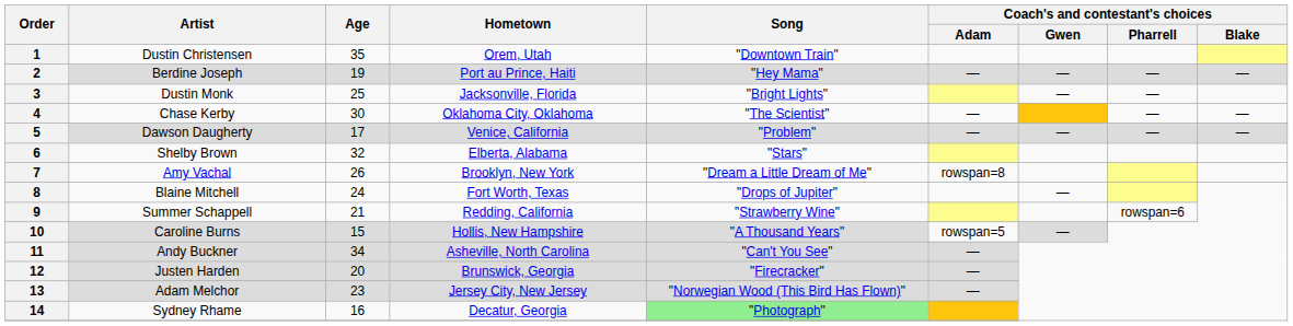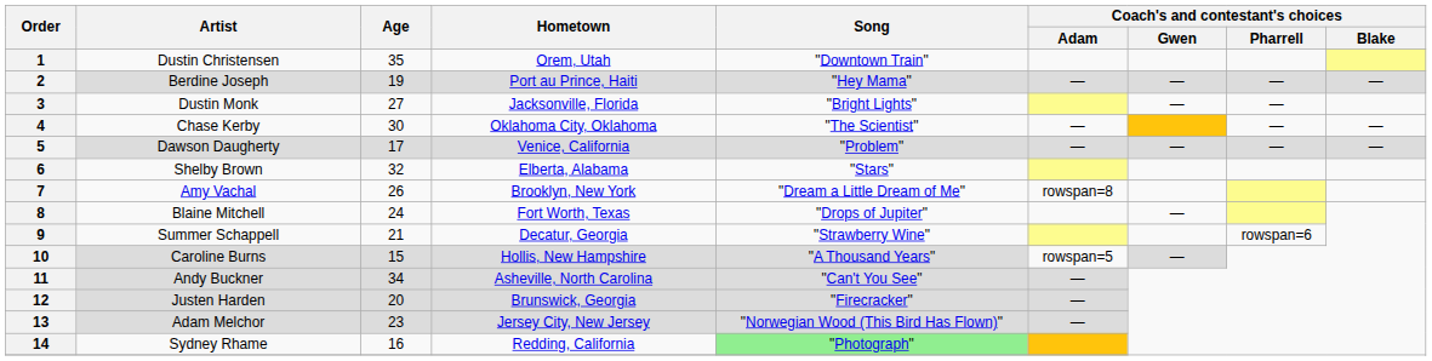 <table class="wikitable" style="text-align:center; line-height:17px; width:100%;">
 <tr>
 <th scope="col" rowspan="2" style="width:05%;">Order</th>
 <th scope="col" rowspan="2" style="width:20%;">Artist</th>
 <th scope="col" rowspan="2" style="width:05%;">Age</th>
 <th scope="col" rowspan="2" style="width:20%;">Hometown</th>
 <th scope="col" rowspan="2" style="width:22%;">Song</th>
 <th scope="col" colspan="4" style="width:28%;">Coach's and contestant's choices</th>
 </tr>
 <tr>
 <th style="width:07%;">Adam</th>
 <th style="width:07%;">Gwen</th>
 <th style="width:07%;">Pharrell</th>
 <th style="width:07%;">Blake</th>
 </tr>
 <tr>
 <th>1</th>
 <td>Dustin Christensen</td>
 <td>35</td>
 <td><a href='#'>Orem, Utah</a></td>
 <td>"<a href='#'>Downtown Train</a>"</td>
 <td><strong></strong></td>
 <td><strong></strong></td>
 <td><strong></strong></td>
 <td style="background:#fdfc8f;"><strong></strong></td>
 </tr>
 <tr>
 <th>2</th>
 <td style="background:#DCDCDC;">Berdine Joseph</td>
 <td style="background:#DCDCDC;">19</td>
 <td style="background:#DCDCDC;"><a href='#'>Port au Prince, Haiti</a></td>
 <td style="background:#DCDCDC;">"<a href='#'>Hey Mama</a>"</td>
 <td style="background:#DCDCDC;">—</td>
 <td style="background:#DCDCDC;">—</td>
 <td style="background:#DCDCDC;">—</td>
 <td style="background:#DCDCDC;">—</td>
 </tr>
 <tr>
 <th>3</th>
 <td>Dustin Monk</td>
-<td>25</td>
+<td>27</td>
 <td><a href='#'>Jacksonville, Florida</a></td>
 <td>"<a href='#'>Bright Lights</a>"</td>
 <td style="background:#fdfc8f;"><strong></strong></td>
 <td>—</td>
 <td>—</td>
 <td><strong></strong></td>
 </tr>
 <tr>
 <th>4</th>
 <td>Chase Kerby</td>
 <td>30</td>
 <td><a href='#'>Oklahoma City, Oklahoma</a></td>
 <td>"<a href='#'>The Scientist</a>"</td>
 <td>—</td>
 <td style="background:#FFC40C;"><strong></strong></td>
 <td>—</td>
 <td>—</td>
 </tr>
 <tr>
 <th>5</th>
 <td style="background:#DCDCDC;">Dawson Daugherty</td>
 <td style="background:#DCDCDC;">17</td>
 <td style="background:#DCDCDC;"><a href='#'>Venice, California</a></td>
 <td style="background:#DCDCDC;">"<a href='#'>Problem</a>"</td>
 <td style="background:#DCDCDC;">—</td>
 <td style="background:#DCDCDC;">—</td>
 <td style="background:#DCDCDC;">—</td>
 <td style="background:#DCDCDC;">—</td>
 </tr>
 <tr>
 <th>6</th>
 <td>Shelby Brown</td>
 <td>32</td>
 <td><a href='#'>Elberta, Alabama</a></td>
 <td>"<a href='#'>Stars</a>"</td>
 <td style="background:#fdfc8f;"><strong></strong></td>
 <td><strong></strong></td>
 <td><strong></strong></td>
 <td><strong></strong></td>
 </tr>
 <tr>
 <th>7</th>
 <td><a href='#'>Amy Vachal</a></td>
 <td>26</td>
 <td><a href='#'>Brooklyn, New York</a></td>
 <td>"<a href='#'>Dream a Little Dream of Me</a>"</td>
 <td>rowspan=8 </td>
 <td><strong></strong></td>
 <td style="background:#fdfc8f;"><strong></strong></td>
 <td><strong></strong></td>
 </tr>
 <tr>
 <th>8</th>
 <td>Blaine Mitchell</td>
 <td>24</td>
 <td><a href='#'>Fort Worth, Texas</a></td>
 <td>"<a href='#'>Drops of Jupiter</a>"</td>
 <td><strong></strong></td>
 <td>—</td>
 <th style="background:#fdfc8f;"><strong></strong></th>
 </tr>
 <tr>
 <th>9</th>
 <td>Summer Schappell</td>
 <td>21</td>
-<td><a href='#'>Redding, California</a></td>
+<td><a href='#'>Decatur, Georgia</a></td>
 <td>"<a href='#'>Strawberry Wine</a>"</td>
 <td style="background:#fdfc8f;"><strong></strong></td>
 <td><strong></strong></td>
 <td>rowspan=6 </td>
 </tr>
 <tr>
 <th>10</th>
 <td style="background:#DCDCDC;">Caroline Burns</td>
 <td style="background:#DCDCDC;">15</td>
 <td style="background:#DCDCDC;"><a href='#'>Hollis, New Hampshire</a></td>
 <td style="background:#DCDCDC;">"<a href='#'>A Thousand Years</a>"</td>
 <td>rowspan=5 </td>
 <td style="background:#DCDCDC;">—</td>
 </tr>
 <tr>
 <th>11</th>
 <td style="background:#DCDCDC;">Andy Buckner</td>
 <td style="background:#DCDCDC;">34</td>
 <td style="background:#DCDCDC;"><a href='#'>Asheville, North Carolina</a></td>
 <td style="background:#DCDCDC;">"<a href='#'>Can't You See</a>"</td>
 <td style="background:#DCDCDC;">—</td>
 </tr>
 <tr>
 <th>12</th>
 <td style="background:#DCDCDC;">Justen Harden</td>
 <td style="background:#DCDCDC;">20</td>
 <td style="background:#DCDCDC;"><a href='#'>Brunswick, Georgia</a></td>
 <td style="background:#DCDCDC;">"<a href='#'>Firecracker</a>"</td>
 <td style="background:#DCDCDC;">—</td>
 </tr>
 <tr>
 <th>13</th>
 <td style="background:#DCDCDC;">Adam Melchor</td>
 <td style="background:#DCDCDC;">23</td>
 <td style="background:#DCDCDC;"><a href='#'>Jersey City, New Jersey</a></td>
 <td style="background:#DCDCDC;">"<a href='#'>Norwegian Wood (This Bird Has Flown)</a>"</td>
 <td style="background:#DCDCDC;">—</td>
 </tr>
 <tr>
 <th>14</th>
 <td>Sydney Rhame</td>
 <td>16</td>
-<td><a href='#'>Decatur, Georgia</a></td>
+<td><a href='#'>Redding, California</a></td>
 <td style="background: lightgreen;">"<a href='#'>Photograph</a>"</td>
 <td style="background:#FFC40C;"><strong></strong></td>
 </tr>
 <tr>
 </tr>
 </table>
